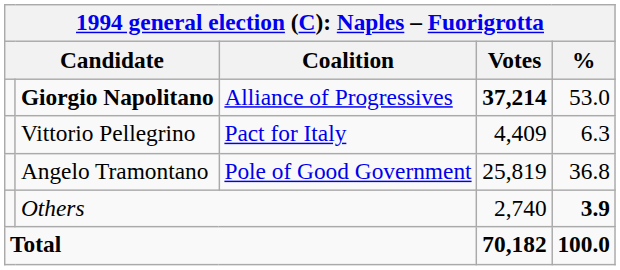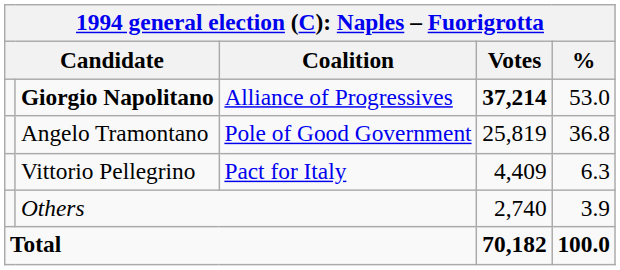 <table class=wikitable style=text-align:right>
 <tr>
 <th colspan=5><a href='#'>1994 general election</a> (<a href='#'>C</a>): <a href='#'>Naples</a> – <a href='#'>Fuorigrotta</a></th>
 </tr>
 <tr>
 <th colspan=2>Candidate</th>
 <th>Coalition</th>
 <th>Votes</th>
 <th>%</th>
 </tr>
 <tr>
 <td></td>
 <td align=left><strong>Giorgio Napolitano</strong></td>
 <td align=left><a href='#'>Alliance of Progressives</a></td>
 <td><strong>37,214</strong></td>
 <td>53.0</td>
 </tr>
 <tr>
 <td></td>
+<td align=left>Angelo Tramontano</td>
+<td align=left><a href='#'>Pole of Good Government</a></td>
+<td>25,819</td>
+<td>36.8</td>
+</tr>
+<tr>
+<td></td>
 <td align=left>Vittorio Pellegrino</td>
 <td align=left><a href='#'>Pact for Italy</a></td>
 <td>4,409</td>
 <td>6.3</td>
 </tr>
 <tr>
 <td></td>
-<td align=left>Angelo Tramontano</td>
-<td align=left><a href='#'>Pole of Good Government</a></td>
-<td>25,819</td>
-<td>36.8</td>
-</tr>
-<tr>
-<td></td>
 <td align=left colspan=2><em>Others</em></td>
 <td>2,740</td>
-<td><strong>3.9</strong></td>
+<td>3.9</td>
 </tr>
 <tr>
 <td align=left colspan=3><strong>Total</strong></td>
 <td><strong>70,182</strong></td>
 <td><strong>100.0</strong></td>
 </tr>
 </table>
